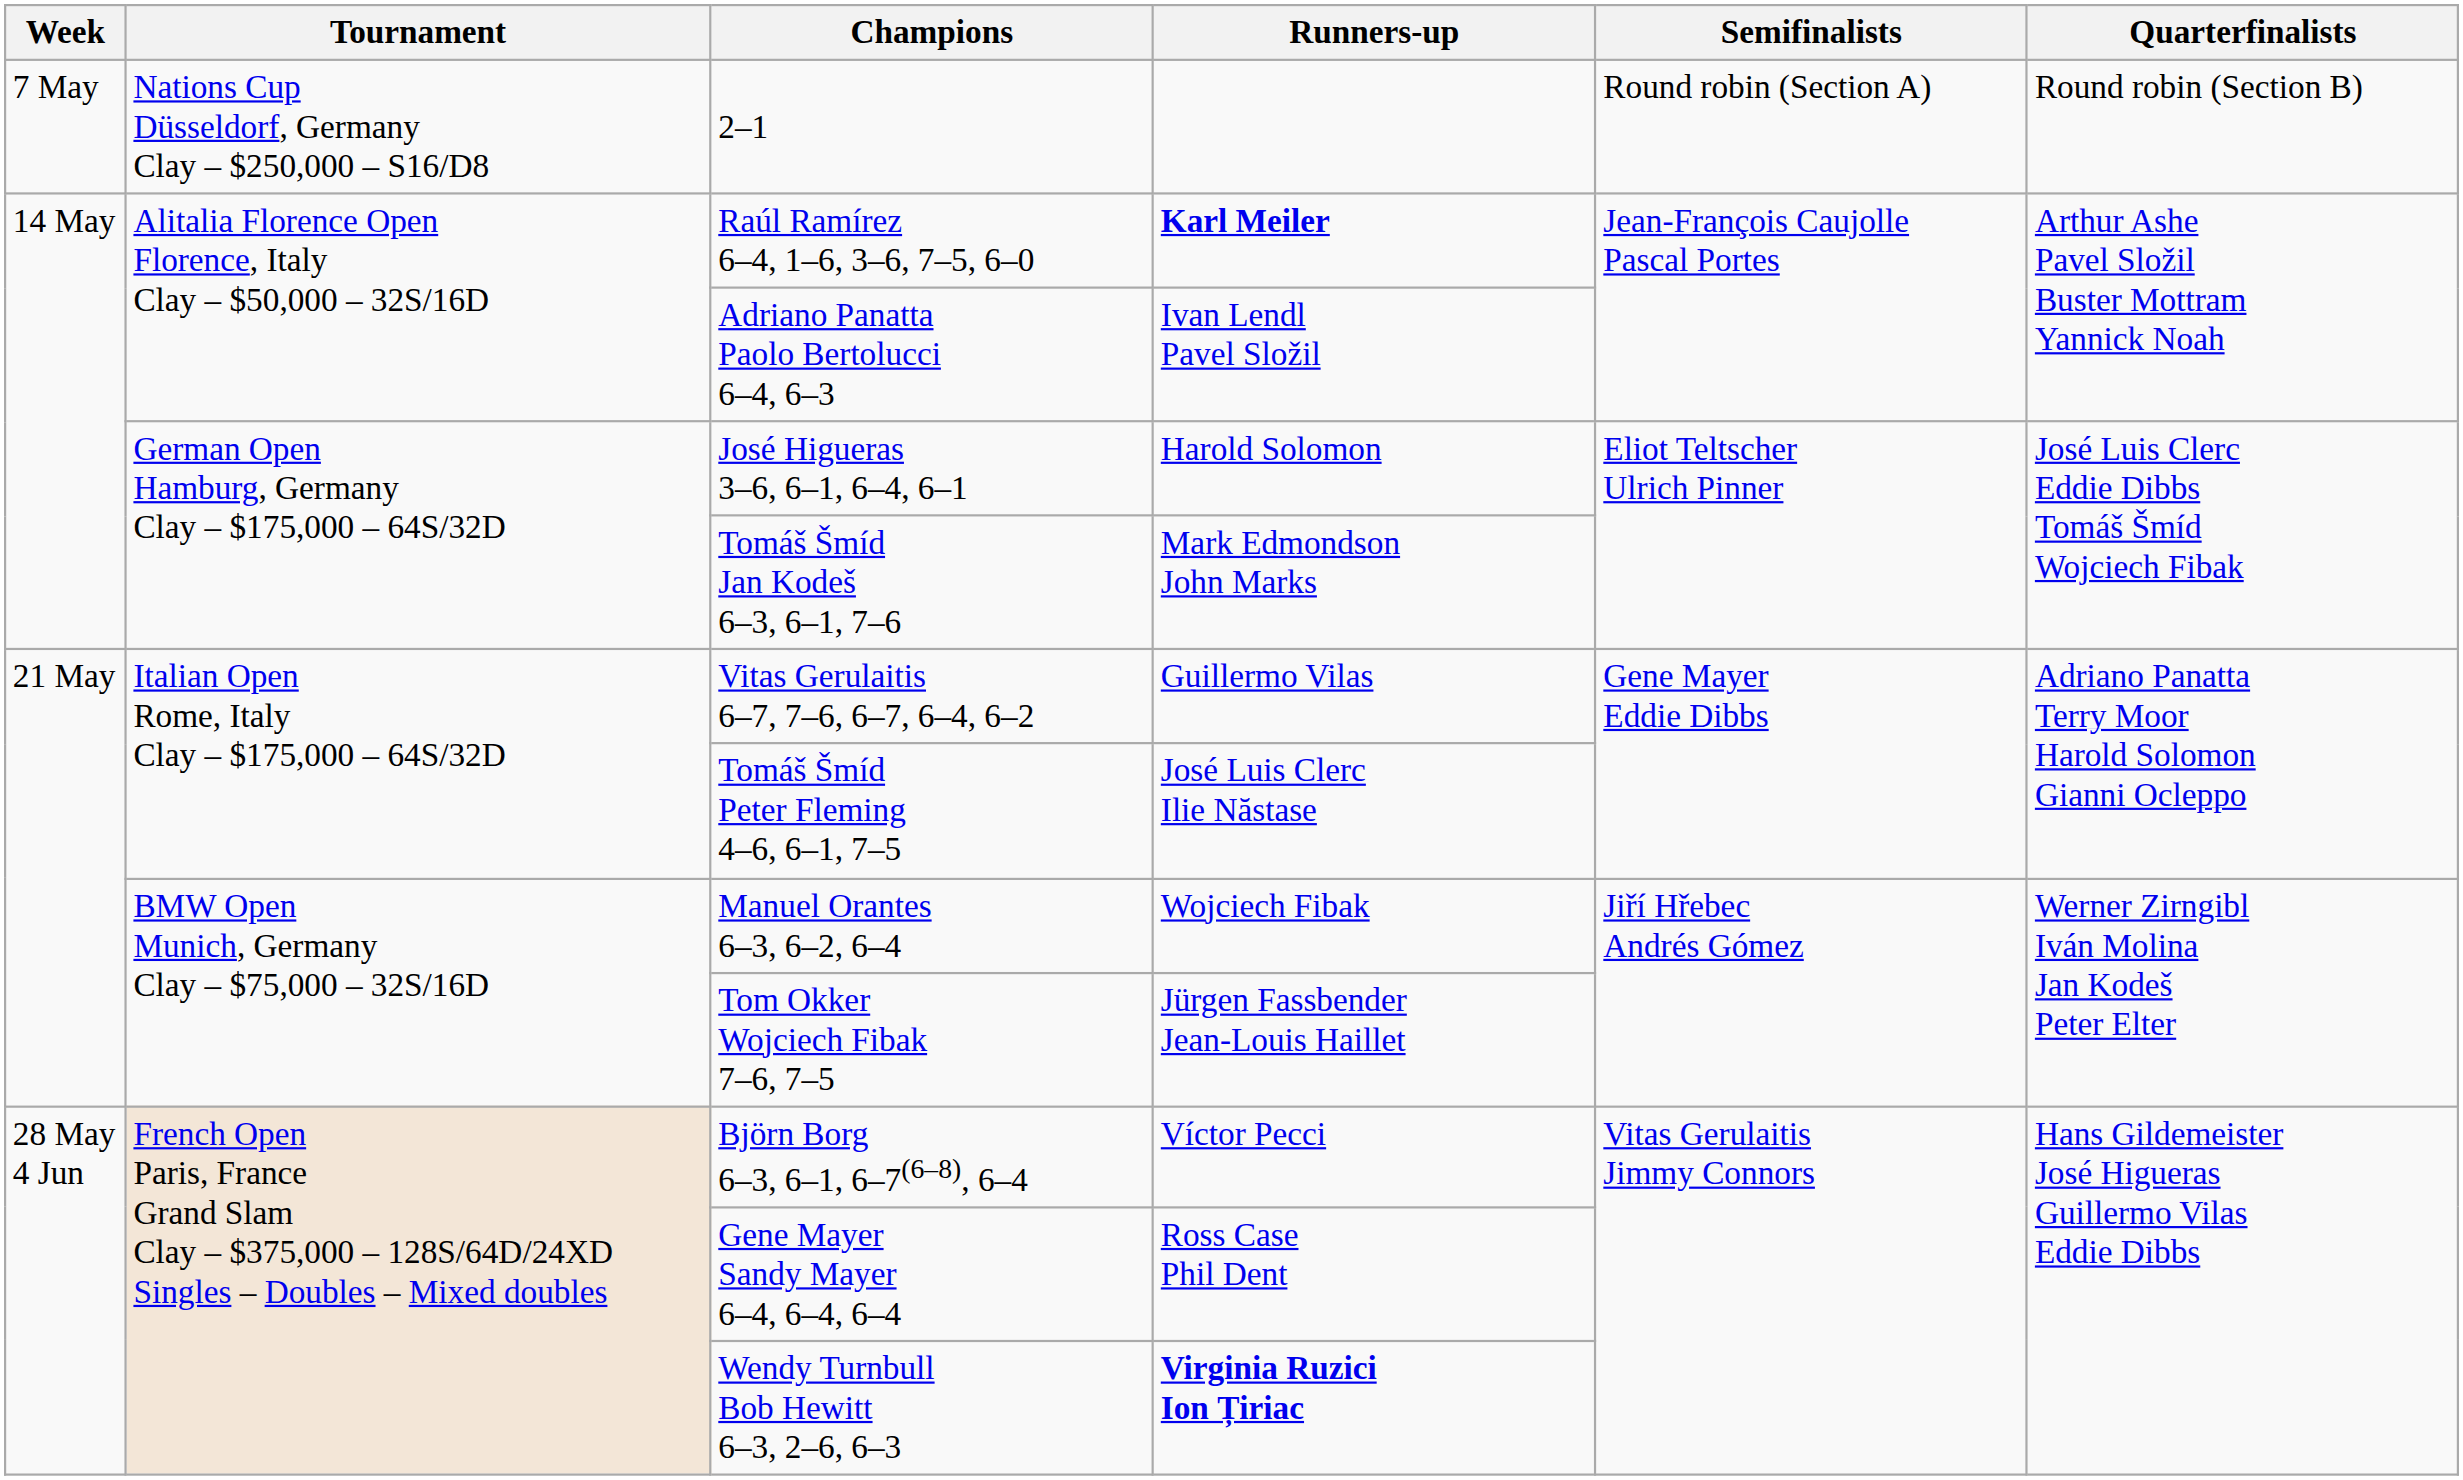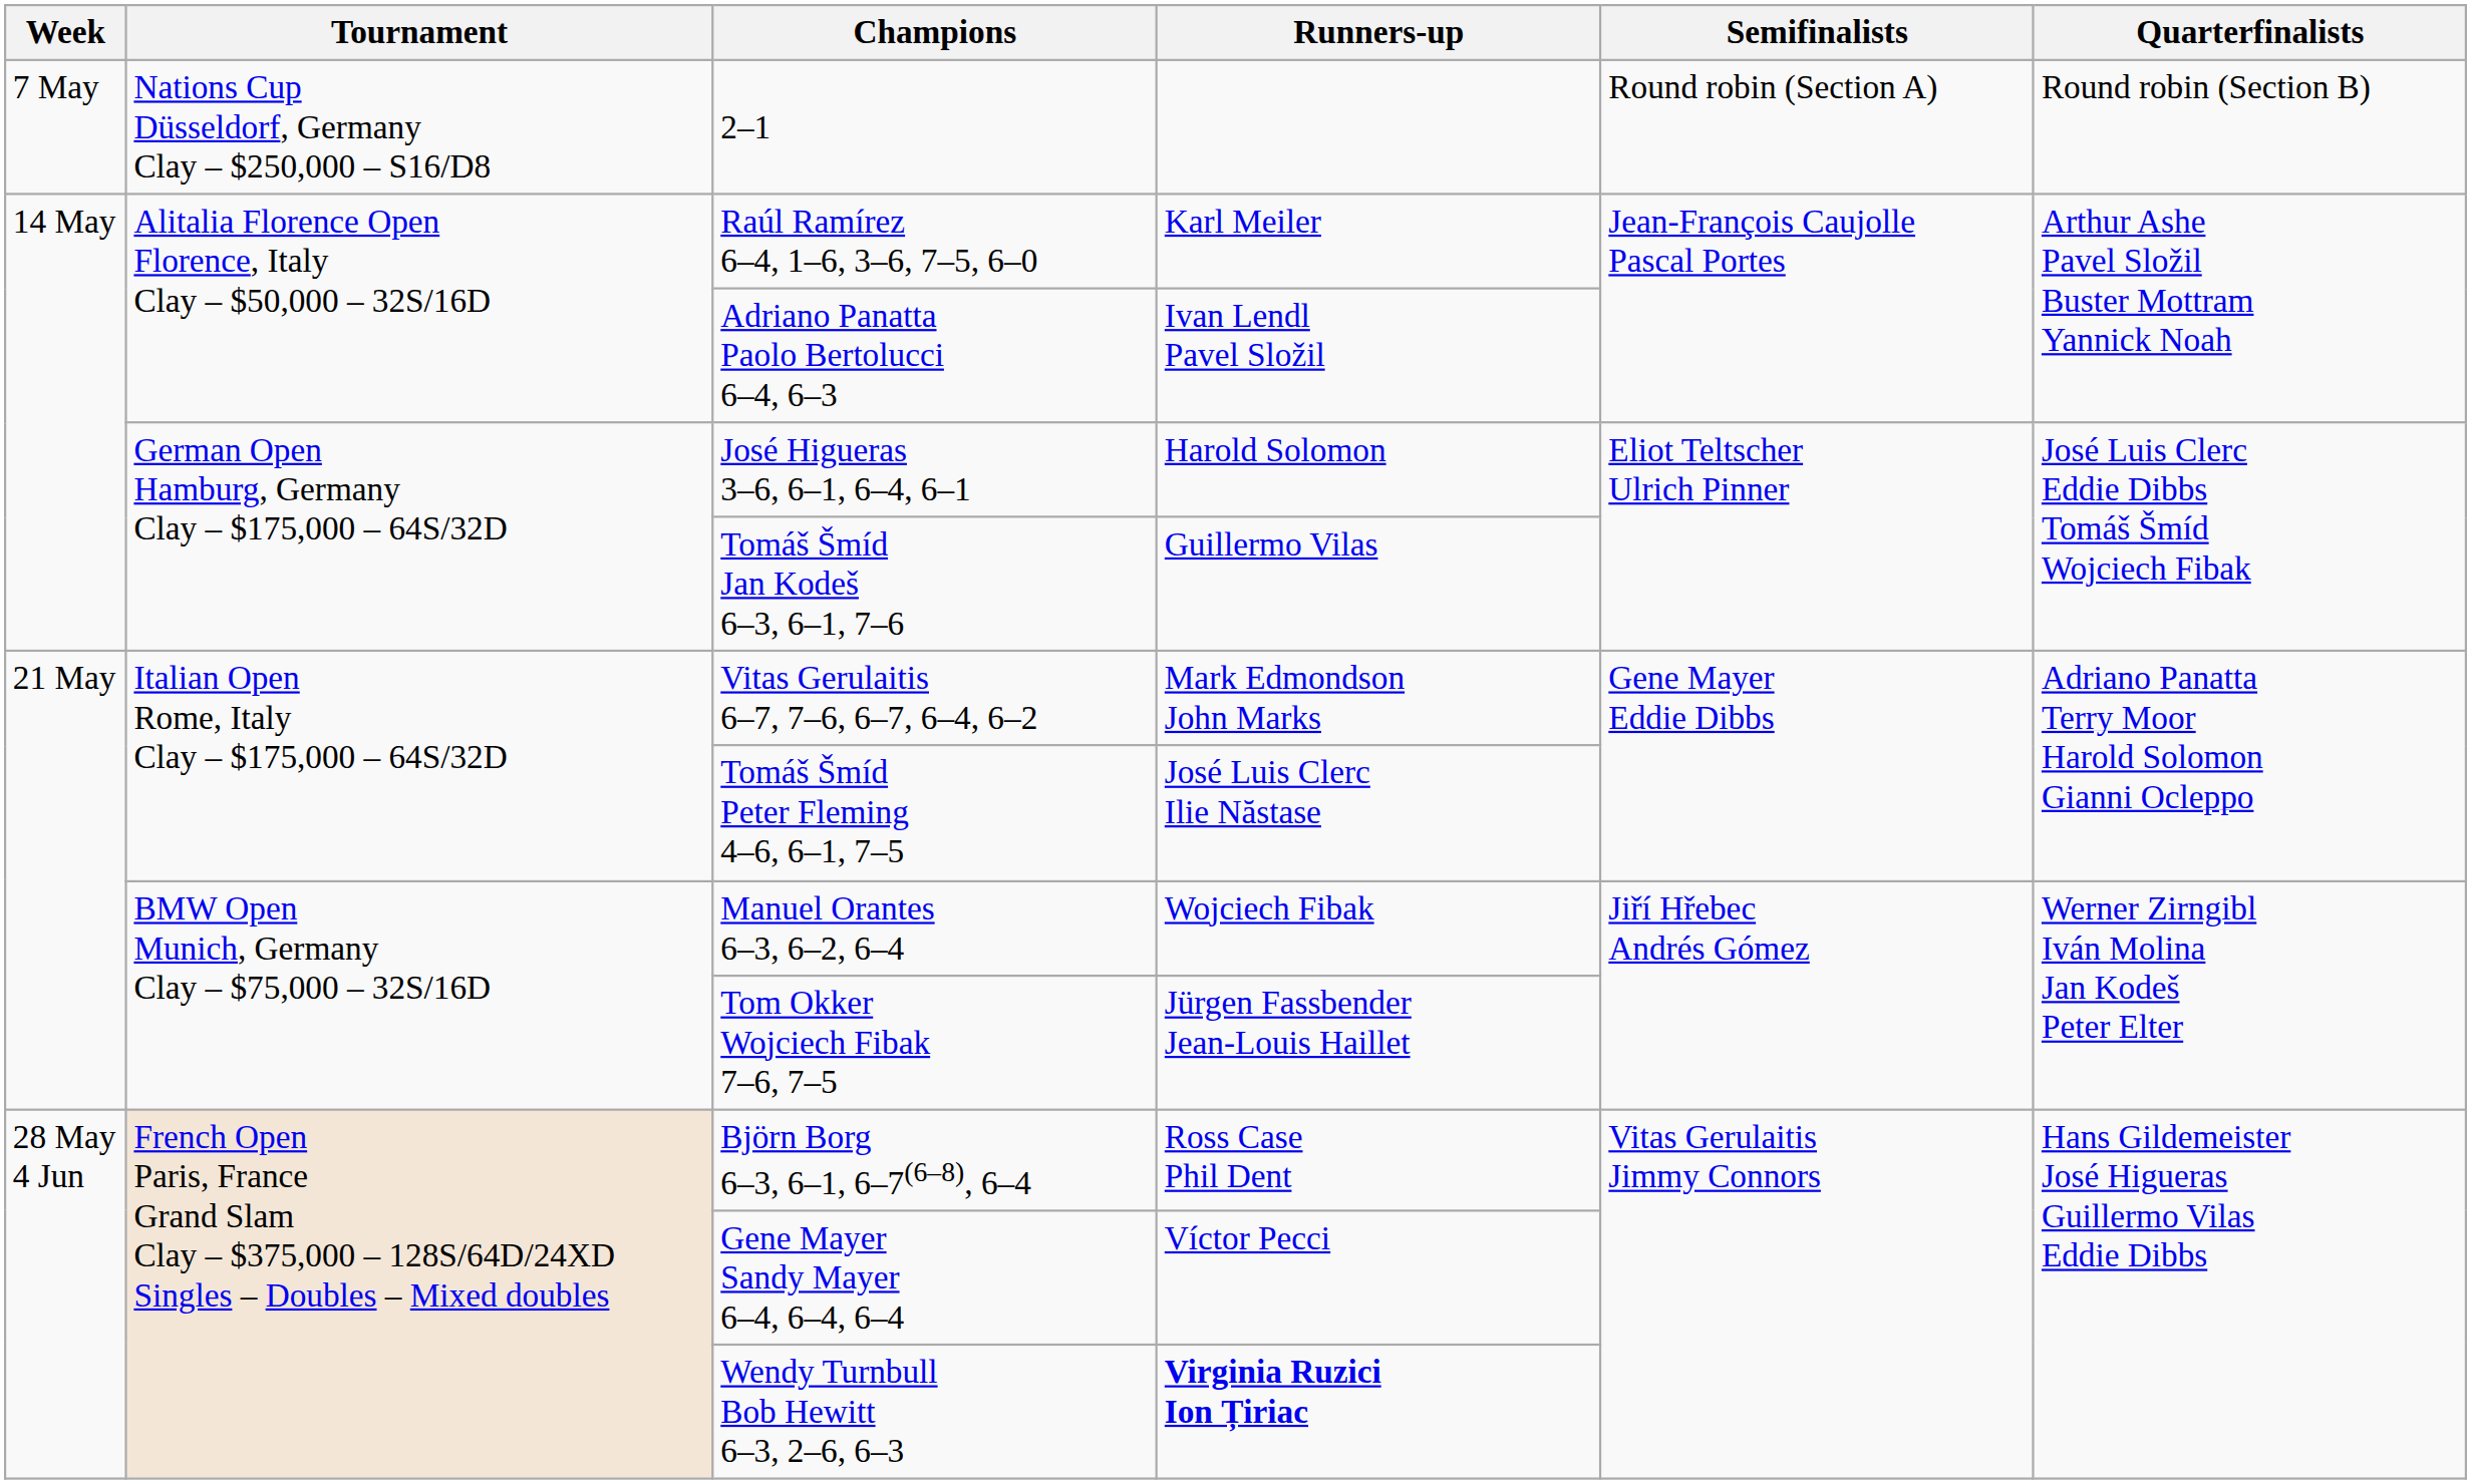 <table class=wikitable style=font-size:95%>
 <tr>
 <th style="width:48px;">Week</th>
 <th style="width:260px;">Tournament</th>
 <th style="width:195px;">Champions</th>
 <th style="width:195px;">Runners-up</th>
 <th style="width:190px;">Semifinalists</th>
 <th style="width:190px;">Quarterfinalists</th>
 </tr>
 <tr valign=top>
 <td>7 May</td>
 <td><a href='#'>Nations Cup</a> <br> <a href='#'>Düsseldorf</a>, Germany <br> Clay – $250,000 – S16/D8</td>
 <td><br>2–1</td>
 <td></td>
 <td>Round robin (Section A) <br>  <br> <br> </td>
 <td>Round robin (Section B) <br>  <br> <br> </td>
 </tr>
 <tr valign=top>
 <td rowspan=4>14 May</td>
 <td rowspan=2><a href='#'>Alitalia Florence Open</a> <br> <a href='#'>Florence</a>, Italy <br> Clay – $50,000 – 32S/16D</td>
 <td> <a href='#'>Raúl Ramírez</a> <br> 6–4, 1–6, 3–6, 7–5, 6–0</td>
-<td><strong> <a href='#'>Karl Meiler</a></strong></td>
+<td> <a href='#'>Karl Meiler</a></td>
 <td rowspan=2> <a href='#'>Jean-François Caujolle</a> <br>  <a href='#'>Pascal Portes</a></td>
 <td rowspan=2> <a href='#'>Arthur Ashe</a> <br>  <a href='#'>Pavel Složil</a> <br>  <a href='#'>Buster Mottram</a> <br>  <a href='#'>Yannick Noah</a></td>
 </tr>
 <tr valign=top>
 <td> <a href='#'>Adriano Panatta</a> <br>  <a href='#'>Paolo Bertolucci</a> <br> 6–4, 6–3</td>
 <td> <a href='#'>Ivan Lendl</a> <br>  <a href='#'>Pavel Složil</a></td>
 </tr>
 <tr valign=top>
 <td rowspan=2><a href='#'>German Open</a> <br> <a href='#'>Hamburg</a>, Germany <br> Clay – $175,000 – 64S/32D</td>
 <td> <a href='#'>José Higueras</a> <br> 3–6, 6–1, 6–4, 6–1</td>
 <td> <a href='#'>Harold Solomon</a></td>
 <td rowspan=2> <a href='#'>Eliot Teltscher</a> <br>  <a href='#'>Ulrich Pinner</a></td>
 <td rowspan=2> <a href='#'>José Luis Clerc</a> <br>  <a href='#'>Eddie Dibbs</a> <br>  <a href='#'>Tomáš Šmíd</a> <br>  <a href='#'>Wojciech Fibak</a></td>
 </tr>
 <tr valign=top>
 <td> <a href='#'>Tomáš Šmíd</a> <br>  <a href='#'>Jan Kodeš</a> <br> 6–3, 6–1, 7–6</td>
-<td> <a href='#'>Mark Edmondson</a> <br>  <a href='#'>John Marks</a></td>
+<td> <a href='#'>Guillermo Vilas</a></td>
 </tr>
 <tr valign=top>
 <td rowspan=4>21 May</td>
 <td rowspan=2><a href='#'>Italian Open</a> <br> Rome, Italy <br> Clay – $175,000 – 64S/32D</td>
 <td> <a href='#'>Vitas Gerulaitis</a> <br> 6–7, 7–6, 6–7, 6–4, 6–2</td>
-<td> <a href='#'>Guillermo Vilas</a></td>
+<td> <a href='#'>Mark Edmondson</a> <br>  <a href='#'>John Marks</a></td>
 <td rowspan=2> <a href='#'>Gene Mayer</a> <br>  <a href='#'>Eddie Dibbs</a></td>
 <td rowspan=2> <a href='#'>Adriano Panatta</a> <br>  <a href='#'>Terry Moor</a> <br>  <a href='#'>Harold Solomon</a> <br>  <a href='#'>Gianni Ocleppo</a></td>
 </tr>
 <tr valign=top>
 <td> <a href='#'>Tomáš Šmíd</a> <br>  <a href='#'>Peter Fleming</a> <br> 4–6, 6–1, 7–5</td>
 <td> <a href='#'>José Luis Clerc</a> <br>  <a href='#'>Ilie Năstase</a></td>
 </tr>
 <tr valign=top>
 <td rowspan=2><a href='#'>BMW Open</a> <br> <a href='#'>Munich</a>, Germany <br> Clay – $75,000 – 32S/16D</td>
 <td> <a href='#'>Manuel Orantes</a> <br> 6–3, 6–2, 6–4</td>
 <td> <a href='#'>Wojciech Fibak</a></td>
 <td rowspan=2> <a href='#'>Jiří Hřebec</a> <br>  <a href='#'>Andrés Gómez</a></td>
 <td rowspan=2> <a href='#'>Werner Zirngibl</a> <br>  <a href='#'>Iván Molina</a> <br>  <a href='#'>Jan Kodeš</a> <br>  <a href='#'>Peter Elter</a></td>
 </tr>
 <tr valign=top>
 <td> <a href='#'>Tom Okker</a> <br>  <a href='#'>Wojciech Fibak</a> <br> 7–6, 7–5</td>
 <td> <a href='#'>Jürgen Fassbender</a> <br>  <a href='#'>Jean-Louis Haillet</a></td>
 </tr>
 <tr valign=top>
 <td rowspan=3>28 May<br>4 Jun</td>
 <td style="background:#f3e6d7;" rowspan=3><a href='#'>French Open</a> <br> Paris, France <br> Grand Slam <br> Clay – $375,000 – 128S/64D/24XD <br> <a href='#'>Singles</a> – <a href='#'>Doubles</a> – <a href='#'>Mixed doubles</a></td>
 <td> <a href='#'>Björn Borg</a> <br> 6–3, 6–1, 6–7<sup>(6–8)</sup>, 6–4</td>
-<td> <a href='#'>Víctor Pecci</a></td>
+<td> <a href='#'>Ross Case</a> <br>  <a href='#'>Phil Dent</a></td>
 <td rowspan=3> <a href='#'>Vitas Gerulaitis</a> <br>  <a href='#'>Jimmy Connors</a></td>
 <td rowspan=3> <a href='#'>Hans Gildemeister</a> <br>  <a href='#'>José Higueras</a> <br>  <a href='#'>Guillermo Vilas</a> <br>  <a href='#'>Eddie Dibbs</a></td>
 </tr>
 <tr valign=top>
 <td> <a href='#'>Gene Mayer</a> <br>  <a href='#'>Sandy Mayer</a> <br> 6–4, 6–4, 6–4</td>
-<td> <a href='#'>Ross Case</a> <br>  <a href='#'>Phil Dent</a></td>
+<td> <a href='#'>Víctor Pecci</a></td>
 </tr>
 <tr valign=top>
 <td> <a href='#'>Wendy Turnbull</a> <br>  <a href='#'>Bob Hewitt</a> <br> 6–3, 2–6, 6–3</td>
 <td><strong> <a href='#'>Virginia Ruzici</a> <br>  <a href='#'>Ion Țiriac</a></strong></td>
 </tr>
 </table>
